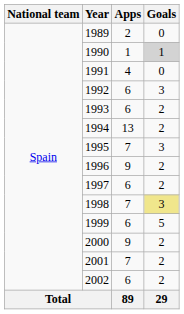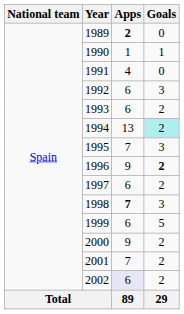 <table class="wikitable" style="text-align:center">
 <tr>
 <th>National team</th>
 <th>Year</th>
 <th>Apps</th>
 <th>Goals</th>
 </tr>
 <tr>
 <td rowspan="14"><a href='#'>Spain</a></td>
 <td>1989</td>
-<td>2</td>
+<td><strong>2</strong></td>
 <td>0</td>
 </tr>
 <tr>
 <td>1990</td>
 <td>1</td>
-<td style="background: lightgrey;">1</td>
+<td>1</td>
 </tr>
 <tr>
 <td>1991</td>
 <td>4</td>
 <td>0</td>
 </tr>
 <tr>
 <td>1992</td>
 <td>6</td>
 <td>3</td>
 </tr>
 <tr>
 <td>1993</td>
 <td>6</td>
 <td>2</td>
 </tr>
 <tr>
 <td>1994</td>
 <td>13</td>
-<td>2</td>
+<td style="background: paleturquoise;">2</td>
 </tr>
 <tr>
 <td>1995</td>
 <td>7</td>
 <td>3</td>
 </tr>
 <tr>
 <td>1996</td>
 <td>9</td>
-<td>2</td>
+<td><strong>2</strong></td>
 </tr>
 <tr>
 <td>1997</td>
 <td>6</td>
 <td>2</td>
 </tr>
 <tr>
 <td>1998</td>
-<td>7</td>
-<td style="background: khaki;">3</td>
+<td><strong>7</strong></td>
+<td>3</td>
 </tr>
 <tr>
 <td>1999</td>
 <td>6</td>
 <td>5</td>
 </tr>
 <tr>
 <td>2000</td>
 <td>9</td>
 <td>2</td>
 </tr>
 <tr>
 <td>2001</td>
 <td>7</td>
 <td>2</td>
 </tr>
 <tr>
 <td>2002</td>
-<td>6</td>
+<td style="background: lavender;">6</td>
 <td>2</td>
 </tr>
 <tr>
 <th colspan="2">Total</th>
 <th>89</th>
 <th>29</th>
 </tr>
 </table>
